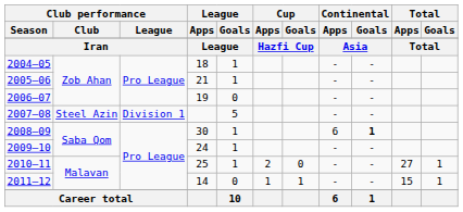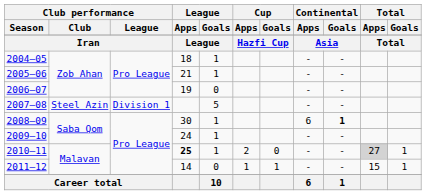 <table class="wikitable" style="text-align:center">
 <tr>
 <th colspan=3>Club performance</th>
 <th colspan=2>League</th>
 <th colspan=2>Cup</th>
 <th colspan=2>Continental</th>
 <th colspan=2>Total</th>
 </tr>
 <tr>
 <th>Season</th>
 <th>Club</th>
 <th>League</th>
 <th>Apps</th>
 <th>Goals</th>
 <th>Apps</th>
 <th>Goals</th>
 <th>Apps</th>
 <th>Goals</th>
 <th>Apps</th>
 <th>Goals</th>
 </tr>
 <tr>
 </tr>
 <tr>
 <th colspan=3>Iran</th>
 <th colspan=2>League</th>
 <th colspan=2><a href='#'>Hazfi Cup</a></th>
 <th colspan=2><a href='#'>Asia</a></th>
 <th colspan=2>Total</th>
 </tr>
 <tr>
 <td><a href='#'>2004–05</a></td>
 <td rowspan="3"><a href='#'>Zob Ahan</a></td>
 <td rowspan="3"><a href='#'>Pro League</a></td>
 <td>18</td>
 <td>1</td>
 <td></td>
 <td></td>
 <td>-</td>
 <td>-</td>
 <td></td>
 <td></td>
 </tr>
 <tr>
 <td><a href='#'>2005–06</a></td>
 <td>21</td>
 <td>1</td>
 <td></td>
 <td></td>
 <td>-</td>
 <td>-</td>
 <td></td>
 <td></td>
 </tr>
 <tr>
 <td><a href='#'>2006–07</a></td>
 <td>19</td>
 <td>0</td>
 <td></td>
 <td></td>
 <td>-</td>
 <td>-</td>
 <td></td>
 <td></td>
 </tr>
 <tr>
 <td><a href='#'>2007–08</a></td>
 <td rowspan="1"><a href='#'>Steel Azin</a></td>
 <td rowspan="1"><a href='#'>Division 1</a></td>
 <td></td>
 <td>5</td>
 <td></td>
 <td></td>
 <td>-</td>
 <td>-</td>
 <td></td>
 <td></td>
 </tr>
 <tr>
 <td><a href='#'>2008–09</a></td>
 <td rowspan="2"><a href='#'>Saba Qom</a></td>
 <td rowspan="4"><a href='#'>Pro League</a></td>
 <td>30</td>
 <td>1</td>
 <td></td>
 <td></td>
 <td>6</td>
 <td><strong>1</strong></td>
 <td></td>
 <td></td>
 </tr>
 <tr>
 <td><a href='#'>2009–10</a></td>
 <td>24</td>
 <td>1</td>
 <td></td>
 <td></td>
 <td>-</td>
 <td>-</td>
 <td></td>
 <td></td>
 </tr>
 <tr>
 <td><a href='#'>2010–11</a></td>
 <td rowspan="2"><a href='#'>Malavan</a></td>
-<td>25</td>
+<td><strong>25</strong></td>
 <td>1</td>
 <td>2</td>
 <td>0</td>
 <td>-</td>
 <td>-</td>
-<td>27</td>
+<td style="background: lightgrey;">27</td>
 <td>1</td>
 </tr>
 <tr>
 <td><a href='#'>2011–12</a></td>
 <td>14</td>
 <td>0</td>
 <td>1</td>
 <td>1</td>
 <td>-</td>
 <td>-</td>
 <td>15</td>
 <td>1</td>
 </tr>
 <tr>
 </tr>
 <tr>
 <th colspan=3>Career total</th>
 <th></th>
 <th>10</th>
 <th></th>
 <th></th>
 <th>6</th>
 <th>1</th>
 <th></th>
 <th></th>
 </tr>
 </table>
